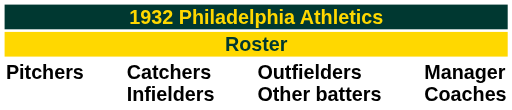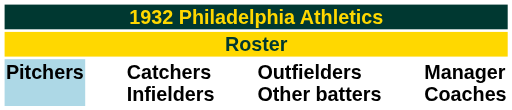 <table class="toccolours" style="font-size: 95%;">
 <tr>
 <th colspan="10" style="background-color: #003831; color: #FFD800; text-align: center;">1932 Philadelphia Athletics</th>
 </tr>
 <tr>
 <td colspan="10" style="background-color: #FFD800; color: #003831; text-align: center;"><strong>Roster</strong></td>
 </tr>
 <tr>
-<td valign="top"><strong>Pitchers</strong><br>           </td>
+<td valign="top" style="background: lightblue;"><strong>Pitchers</strong><br>           </td>
 <td width="25px"></td>
 <td valign="top"><strong>Catchers</strong><br>   <strong>Infielders</strong>        </td>
 <td width="25px"></td>
 <td valign="top"><strong>Outfielders</strong><br>      <strong>Other batters</strong> </td>
 <td width="25px"></td>
 <td valign="top"><strong>Manager</strong><br> <strong>Coaches</strong>   </td>
 </tr>
 </table>
